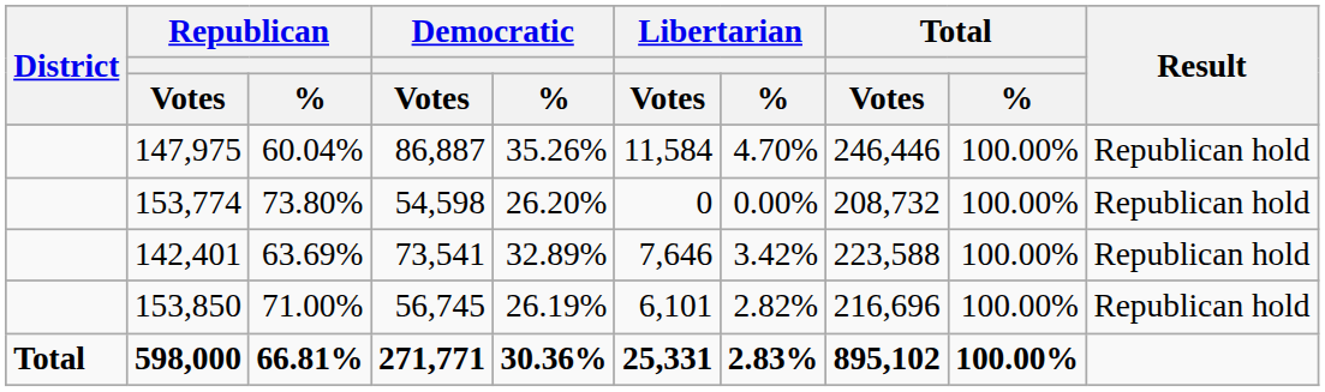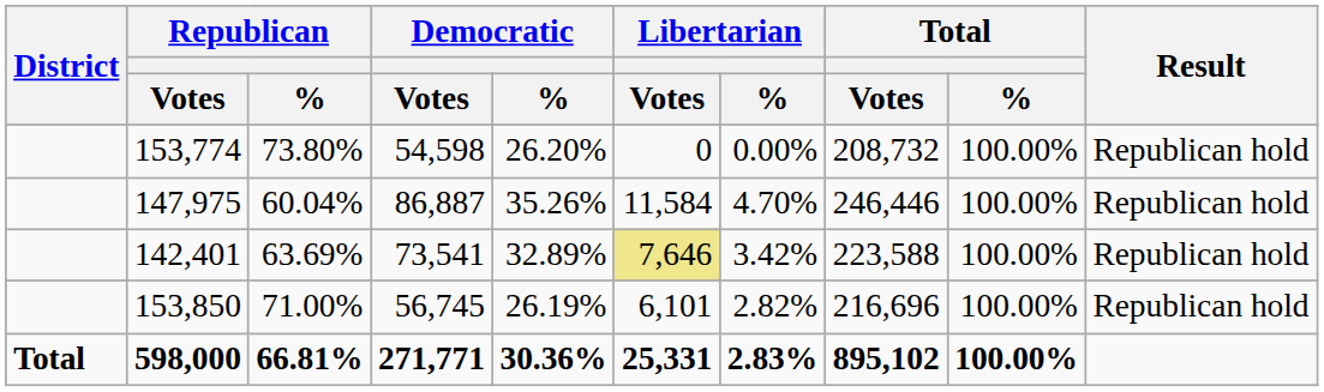 <table class="wikitable plainrowheaders sortable" style="font-size:100%; text-align:right;">
 <tr>
 <th scope=col rowspan=3><a href='#'>District</a></th>
 <th scope=col colspan=2><a href='#'>Republican</a></th>
 <th scope=col colspan=2><a href='#'>Democratic</a></th>
 <th scope=col colspan=2><a href='#'>Libertarian</a></th>
 <th scope=col colspan=2>Total</th>
 <th scope=col rowspan=3>Result</th>
 </tr>
 <tr>
 <th scope=col colspan=2 style="background:"></th>
 <th scope=col colspan=2 style="background:"></th>
 <th scope=col colspan=2 style="background:"></th>
 <th scope=col colspan=2></th>
 </tr>
 <tr>
 <th scope=col data-sort-type="number">Votes</th>
 <th scope=col data-sort-type="number">%</th>
 <th scope=col data-sort-type="number">Votes</th>
 <th scope=col data-sort-type="number">%</th>
 <th scope=col data-sort-type="number">Votes</th>
 <th scope=col data-sort-type="number">%</th>
 <th scope=col data-sort-type="number">Votes</th>
 <th scope=col data-sort-type="number">%</th>
 </tr>
 <tr>
 <td align=left></td>
+<td>153,774</td>
+<td>73.80%</td>
+<td>54,598</td>
+<td>26.20%</td>
+<td>0</td>
+<td>0.00%</td>
+<td>208,732</td>
+<td>100.00%</td>
+<td align=left>Republican hold</td>
+</tr>
+<tr>
+<td align=left></td>
 <td>147,975</td>
 <td>60.04%</td>
 <td>86,887</td>
 <td>35.26%</td>
 <td>11,584</td>
 <td>4.70%</td>
 <td>246,446</td>
 <td>100.00%</td>
 <td align=left>Republican hold</td>
 </tr>
 <tr>
 <td align=left></td>
-<td>153,774</td>
-<td>73.80%</td>
-<td>54,598</td>
-<td>26.20%</td>
-<td>0</td>
-<td>0.00%</td>
-<td>208,732</td>
-<td>100.00%</td>
-<td align=left>Republican hold</td>
-</tr>
-<tr>
-<td align=left></td>
 <td>142,401</td>
 <td>63.69%</td>
 <td>73,541</td>
 <td>32.89%</td>
-<td>7,646</td>
+<td style="background: khaki;">7,646</td>
 <td>3.42%</td>
 <td>223,588</td>
 <td>100.00%</td>
 <td align=left>Republican hold</td>
 </tr>
 <tr>
 <td align=left></td>
 <td>153,850</td>
 <td>71.00%</td>
 <td>56,745</td>
 <td>26.19%</td>
 <td>6,101</td>
 <td>2.82%</td>
 <td>216,696</td>
 <td>100.00%</td>
 <td align=left>Republican hold</td>
 </tr>
 <tr class="sortbottom" style="font-weight:bold">
 <td align=left>Total</td>
 <td>598,000</td>
 <td>66.81%</td>
 <td>271,771</td>
 <td>30.36%</td>
 <td>25,331</td>
 <td>2.83%</td>
 <td>895,102</td>
 <td>100.00%</td>
 <td></td>
 </tr>
 </table>
